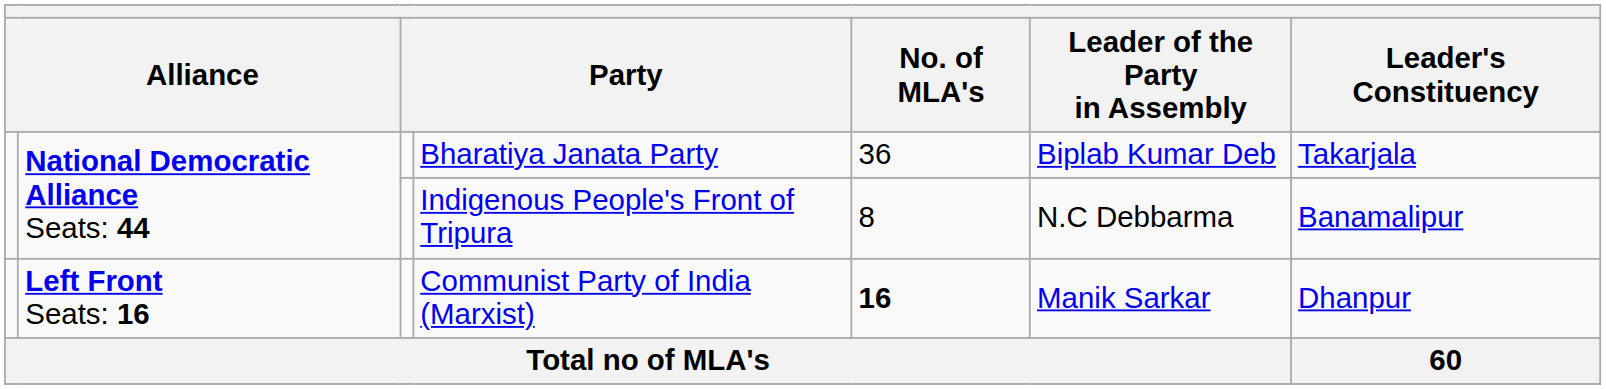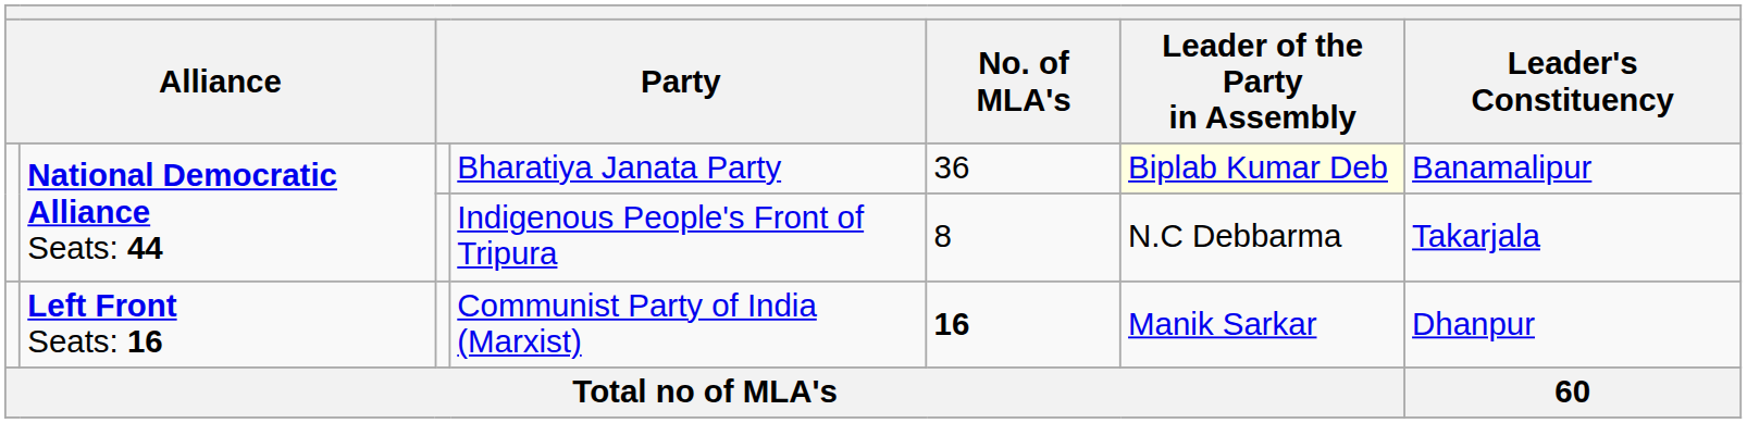 <table class="wikitable">
 <tr>
 <th colspan=10></th>
 </tr>
 <tr>
 <th colspan="2">Alliance</th>
 <th colspan="2">Party</th>
 <th>No. of MLA's</th>
 <th>Leader of the Party<br>in Assembly</th>
 <th>Leader's Constituency</th>
 </tr>
 <tr>
 <td rowspan="2" style="background:"></td>
 <td rowspan="2"><strong><a href='#'>National Democratic Alliance</a></strong><br>Seats: <strong>44</strong></td>
 <td style="background:"></td>
 <td><a href='#'>Bharatiya Janata Party</a></td>
 <td>36</td>
-<td><a href='#'>Biplab Kumar Deb</a></td>
-<td><a href='#'>Takarjala</a></td>
+<td style="background: lightyellow;"><a href='#'>Biplab Kumar Deb</a></td>
+<td><a href='#'>Banamalipur</a></td>
 </tr>
 <tr>
 <td style="background:"></td>
 <td><a href='#'>Indigenous People's Front of Tripura</a></td>
 <td>8</td>
 <td>N.C Debbarma</td>
-<td><a href='#'>Banamalipur</a></td>
+<td><a href='#'>Takarjala</a></td>
 </tr>
 <tr>
 <td rowspan="1" style="background:"></td>
 <td rowspan="1"><a href='#'><strong>Left Front</strong></a><br>Seats: <strong>16</strong></td>
 <td style="background:"></td>
 <td><a href='#'>Communist Party of India (Marxist)</a></td>
 <td><strong>16</strong></td>
 <td><a href='#'>Manik Sarkar</a></td>
 <td><a href='#'>Dhanpur</a></td>
 </tr>
 <tr>
 <th colspan="6">Total no of MLA's</th>
 <th colspan="3">60</th>
 </tr>
 </table>
